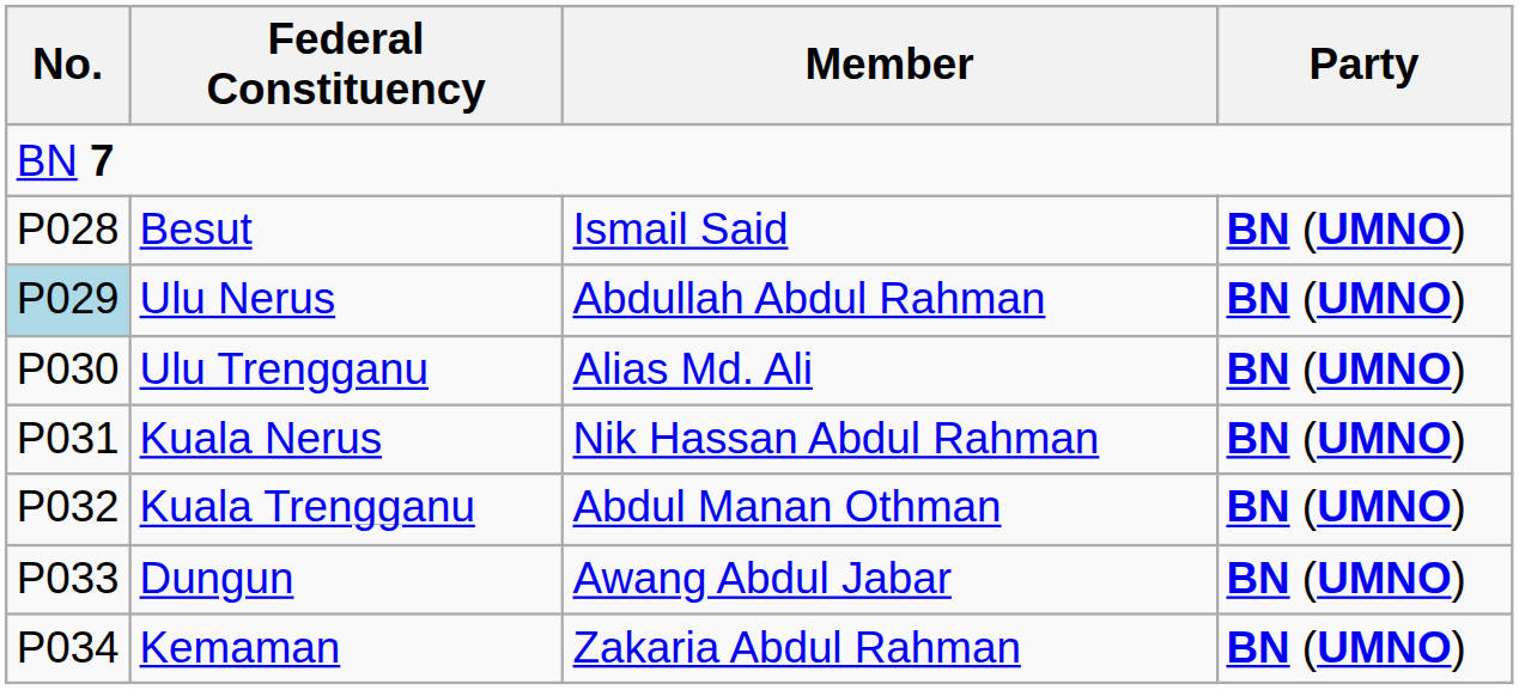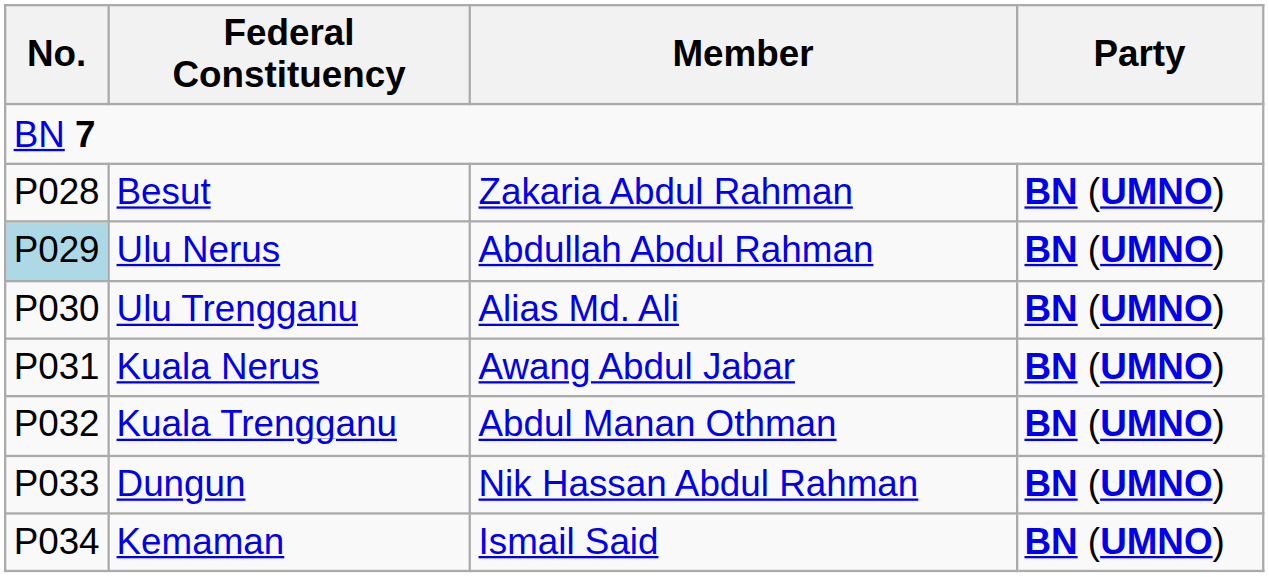 <table class="wikitable sortable">
 <tr>
 <th style="width:30px;">No.</th>
 <th style="width:150px;">Federal Constituency</th>
 <th style="width:230px;">Member</th>
 <th style="width:100px;">Party</th>
 </tr>
 <tr>
 <td colspan="4"><a href='#'>BN</a> <strong>7</strong></td>
 </tr>
 <tr>
 <td>P028</td>
 <td><a href='#'>Besut</a></td>
-<td><a href='#'>Ismail Said</a></td>
+<td><a href='#'>Zakaria Abdul Rahman</a></td>
 <td><strong><a href='#'>BN</a></strong> (<strong><a href='#'>UMNO</a></strong>)</td>
 </tr>
 <tr>
 <td style="background: lightblue;">P029</td>
 <td><a href='#'>Ulu Nerus</a></td>
 <td><a href='#'>Abdullah Abdul Rahman</a></td>
 <td><strong><a href='#'>BN</a></strong> (<strong><a href='#'>UMNO</a></strong>)</td>
 </tr>
 <tr>
 <td>P030</td>
 <td><a href='#'>Ulu Trengganu</a></td>
 <td><a href='#'>Alias Md. Ali</a></td>
 <td><strong><a href='#'>BN</a></strong> (<strong><a href='#'>UMNO</a></strong>)</td>
 </tr>
 <tr>
 <td>P031</td>
 <td><a href='#'>Kuala Nerus</a></td>
-<td><a href='#'>Nik Hassan Abdul Rahman</a></td>
+<td><a href='#'>Awang Abdul Jabar</a></td>
 <td><strong><a href='#'>BN</a></strong> (<strong><a href='#'>UMNO</a></strong>)</td>
 </tr>
 <tr>
 <td>P032</td>
 <td><a href='#'>Kuala Trengganu</a></td>
 <td><a href='#'>Abdul Manan Othman</a></td>
 <td><strong><a href='#'>BN</a></strong> (<strong><a href='#'>UMNO</a></strong>)</td>
 </tr>
 <tr>
 <td>P033</td>
 <td><a href='#'>Dungun</a></td>
-<td><a href='#'>Awang Abdul Jabar</a></td>
+<td><a href='#'>Nik Hassan Abdul Rahman</a></td>
 <td><strong><a href='#'>BN</a></strong> (<strong><a href='#'>UMNO</a></strong>)</td>
 </tr>
 <tr>
 <td>P034</td>
 <td><a href='#'>Kemaman</a></td>
-<td><a href='#'>Zakaria Abdul Rahman</a></td>
+<td><a href='#'>Ismail Said</a></td>
 <td><strong><a href='#'>BN</a></strong> (<strong><a href='#'>UMNO</a></strong>)</td>
 </tr>
 </table>
